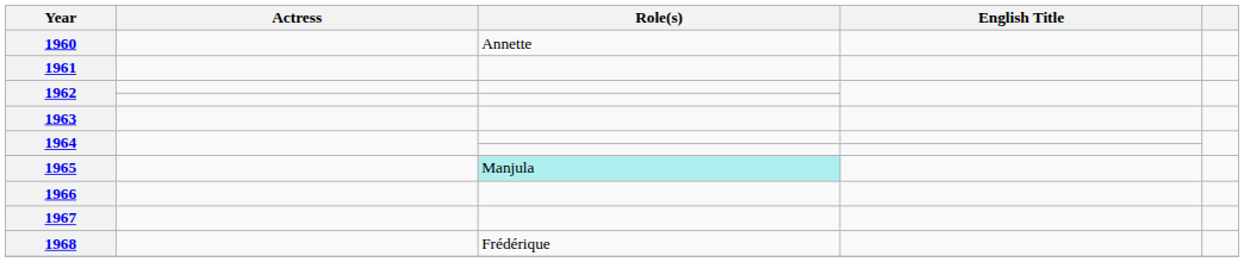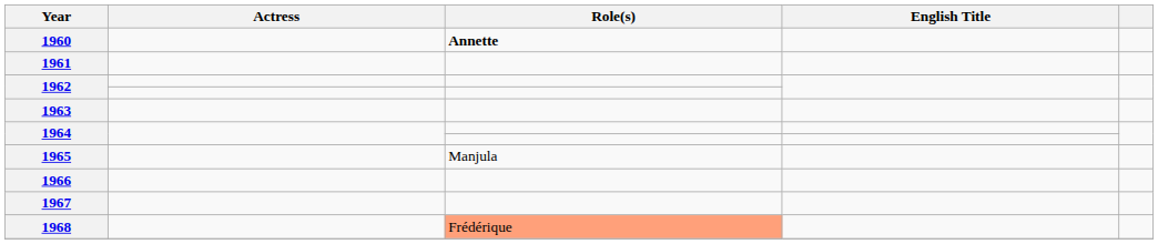 <table class="wikitable unsortable">
 <tr>
 <th scope="col" style="width:3%;">Year</th>
 <th scope="col" style="width:10%;">Actress</th>
 <th scope="col" style="width:10%;">Role(s)</th>
 <th scope="col" style="width:10%;">English Title</th>
 <th scope="col" style="width:1%;" class="unsortable"></th>
 </tr>
 <tr>
 <th scope="row" style="text-align:center"><a href='#'>1960</a></th>
 <td></td>
-<td>Annette</td>
+<td><strong>Annette</strong></td>
 <td></td>
 <td style="text-align:center;"></td>
 </tr>
 <tr>
 <th scope="row" style="text-align:center;"><a href='#'>1961</a></th>
 <td></td>
 <td></td>
 <td></td>
 <td style="text-align:center;"></td>
 </tr>
 <tr>
 <th scope="row", rowspan="2" style="text-align:center;"><a href='#'>1962</a></th>
 <td></td>
 <td></td>
 <td colspan="1" rowspan="2"></td>
 <td rowspan="2" style="text-align:center;"></td>
 </tr>
 <tr>
 <td></td>
 <td></td>
 </tr>
 <tr>
 <th scope="row", style="text-align:center;"><a href='#'>1963</a></th>
 <td></td>
 <td></td>
 <td></td>
 <td style="text-align:center;"></td>
 </tr>
 <tr>
 <th scope="row", rowspan="2" style="text-align:center;"><a href='#'>1964</a></th>
 <td rowspan=2> </td>
 <td></td>
 <td></td>
 <td rowspan="2" style="text-align:center;"></td>
 </tr>
 <tr>
 <td></td>
 <td></td>
 </tr>
 <tr>
 <th scope="row", style="text-align:center;"><a href='#'>1965</a></th>
 <td></td>
-<td style="background: paleturquoise;">Manjula</td>
+<td>Manjula</td>
 <td colspan="1"></td>
 <td style="text-align:center;"></td>
 </tr>
 <tr>
 <th scope="row", style="text-align:center;"><a href='#'>1966</a></th>
 <td></td>
 <td></td>
 <td colspan="1"></td>
 <td style="text-align:center;"></td>
 </tr>
 <tr>
 <th scope="row", style="text-align:center;"><a href='#'>1967</a></th>
 <td></td>
 <td></td>
 <td colspan="1"></td>
 <td style="text-align:center;"></td>
 </tr>
 <tr>
 <th scope="row", style="text-align:center;"><a href='#'>1968</a></th>
 <td></td>
-<td>Frédérique</td>
+<td style="background: lightsalmon;">Frédérique</td>
 <td colspan="1"></td>
 <td style="text-align:center;"></td>
 </tr>
 <tr>
 </tr>
 </table>
